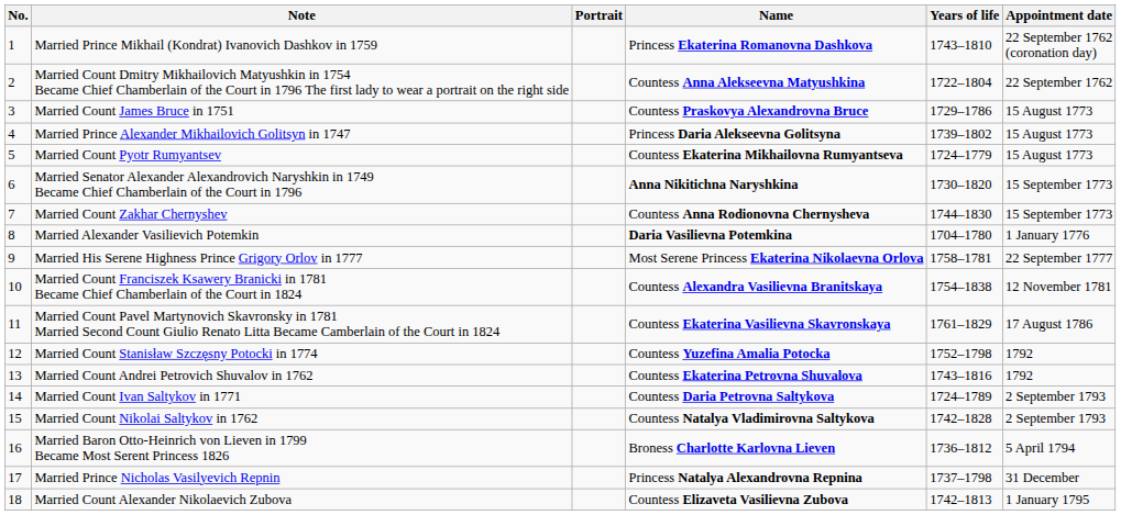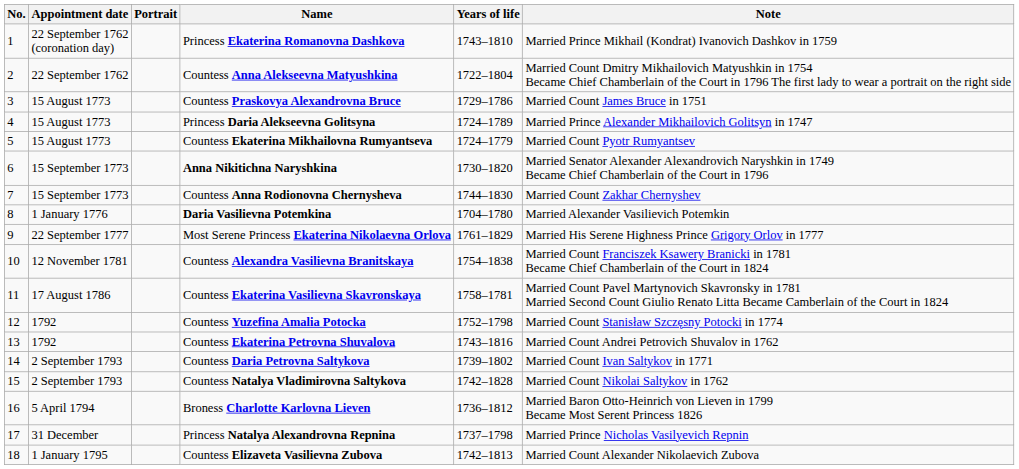 <table class="wikitable">
 <tr>
 <th>No.</th>
-<th>Note</th>
+<th>Appointment date</th>
 <th>Portrait</th>
 <th>Name</th>
 <th>Years of life</th>
-<th>Appointment date</th>
+<th>Note</th>
 </tr>
 <tr>
 <td>1</td>
-<td>Married Prince Mikhail (Kondrat) Ivanovich Dashkov in 1759</td>
+<td>22 September 1762<br>(coronation day)</td>
 <td></td>
 <td>Princess <strong><a href='#'>Ekaterina Romanovna Dashkova</a></strong></td>
 <td>1743–1810</td>
-<td>22 September 1762<br>(coronation day)</td>
+<td>Married Prince Mikhail (Kondrat) Ivanovich Dashkov in 1759</td>
 </tr>
 <tr>
 <td>2</td>
-<td>Married Count Dmitry Mikhailovich Matyushkin in 1754<br>Became Chief Chamberlain of the Court in 1796 The first lady to wear a portrait on the right side</td>
+<td>22 September 1762</td>
 <td></td>
 <td>Countess <strong><a href='#'>Anna Alekseevna Matyushkina</a></strong></td>
 <td>1722–1804</td>
-<td>22 September 1762</td>
+<td>Married Count Dmitry Mikhailovich Matyushkin in 1754<br>Became Chief Chamberlain of the Court in 1796 The first lady to wear a portrait on the right side</td>
 </tr>
 <tr>
 <td>3</td>
-<td>Married Count <a href='#'>James Bruce</a> in 1751</td>
+<td>15 August 1773</td>
 <td></td>
 <td>Countess <strong><a href='#'>Praskovya Alexandrovna Bruce</a></strong></td>
 <td>1729–1786</td>
-<td>15 August 1773</td>
+<td>Married Count <a href='#'>James Bruce</a> in 1751</td>
 </tr>
 <tr>
 <td>4</td>
-<td>Married Prince <a href='#'>Alexander Mikhailovich Golitsyn</a> in 1747</td>
+<td>15 August 1773</td>
 <td></td>
 <td>Princess <strong>Daria Alekseevna Golitsyna</strong></td>
-<td>1739–1802</td>
-<td>15 August 1773</td>
+<td>1724–1789</td>
+<td>Married Prince <a href='#'>Alexander Mikhailovich Golitsyn</a> in 1747</td>
 </tr>
 <tr>
 <td>5</td>
-<td>Married Count <a href='#'>Pyotr Rumyantsev</a></td>
+<td>15 August 1773</td>
 <td></td>
 <td>Countess <strong>Ekaterina Mikhailovna Rumyantseva</strong></td>
 <td>1724–1779</td>
-<td>15 August 1773</td>
+<td>Married Count <a href='#'>Pyotr Rumyantsev</a></td>
 </tr>
 <tr>
 <td>6</td>
-<td>Married Senator Alexander Alexandrovich Naryshkin in 1749<br>Became Chief Chamberlain of the Court in 1796</td>
+<td>15 September 1773</td>
 <td></td>
 <td><strong>Anna Nikitichna Naryshkina</strong></td>
 <td>1730–1820</td>
-<td>15 September 1773</td>
+<td>Married Senator Alexander Alexandrovich Naryshkin in 1749<br>Became Chief Chamberlain of the Court in 1796</td>
 </tr>
 <tr>
 <td>7</td>
-<td>Married Count <a href='#'>Zakhar Chernyshev</a></td>
+<td>15 September 1773</td>
 <td></td>
 <td>Countess <strong>Anna Rodionovna Chernysheva</strong></td>
 <td>1744–1830</td>
-<td>15 September 1773</td>
+<td>Married Count <a href='#'>Zakhar Chernyshev</a></td>
 </tr>
 <tr>
 <td>8</td>
-<td>Married Alexander Vasilievich Potemkin</td>
+<td>1 January 1776</td>
 <td></td>
 <td><strong>Daria Vasilievna Potemkina</strong></td>
 <td>1704–1780</td>
-<td>1 January 1776</td>
+<td>Married Alexander Vasilievich Potemkin</td>
 </tr>
 <tr>
 <td>9</td>
-<td>Married His Serene Highness Prince <a href='#'>Grigory Orlov</a> in 1777</td>
+<td>22 September 1777</td>
 <td></td>
 <td>Most Serene Princess <a href='#'><strong>Ekaterina Nikolaevna Orlova</strong></a></td>
-<td>1758–1781</td>
-<td>22 September 1777</td>
+<td>1761–1829</td>
+<td>Married His Serene Highness Prince <a href='#'>Grigory Orlov</a> in 1777</td>
 </tr>
 <tr>
 <td>10</td>
-<td>Married Count <a href='#'>Franciszek Ksawery Branicki</a> in 1781<br>Became Chief Chamberlain of the Court in 1824</td>
+<td>12 November 1781</td>
 <td></td>
 <td>Countess <strong><a href='#'>Alexandra Vasilievna Branitskaya</a></strong></td>
 <td>1754–1838</td>
-<td>12 November 1781</td>
+<td>Married Count <a href='#'>Franciszek Ksawery Branicki</a> in 1781<br>Became Chief Chamberlain of the Court in 1824</td>
 </tr>
 <tr>
 <td>11</td>
-<td>Married Count Pavel Martynovich Skavronsky in 1781<br>Married Second Count Giulio Renato Litta Became Camberlain of the Court in 1824</td>
+<td>17 August 1786</td>
 <td></td>
 <td>Countess <strong><a href='#'>Ekaterina Vasilievna Skavronskaya</a></strong></td>
-<td>1761–1829</td>
-<td>17 August 1786</td>
+<td>1758–1781</td>
+<td>Married Count Pavel Martynovich Skavronsky in 1781<br>Married Second Count Giulio Renato Litta Became Camberlain of the Court in 1824</td>
 </tr>
 <tr>
 <td>12</td>
-<td>Married Count <a href='#'>Stanisław Szczęsny Potocki</a> in 1774</td>
+<td>1792</td>
 <td></td>
 <td>Countess <strong><a href='#'>Yuzefina Amalia Potocka</a></strong></td>
 <td>1752–1798</td>
-<td>1792</td>
+<td>Married Count <a href='#'>Stanisław Szczęsny Potocki</a> in 1774</td>
 </tr>
 <tr>
 <td>13</td>
-<td>Married Count Andrei Petrovich Shuvalov in 1762</td>
+<td>1792</td>
 <td></td>
 <td>Countess <strong><a href='#'>Ekaterina Petrovna Shuvalova</a></strong></td>
 <td>1743–1816</td>
-<td>1792</td>
+<td>Married Count Andrei Petrovich Shuvalov in 1762</td>
 </tr>
 <tr>
 <td>14</td>
-<td>Married Count <a href='#'>Ivan Saltykov</a> in 1771</td>
+<td>2 September 1793</td>
 <td></td>
 <td>Countess <strong><a href='#'>Daria Petrovna Saltykova</a></strong></td>
-<td>1724–1789</td>
-<td>2 September 1793</td>
+<td>1739–1802</td>
+<td>Married Count <a href='#'>Ivan Saltykov</a> in 1771</td>
 </tr>
 <tr>
 <td>15</td>
-<td>Married Count <a href='#'>Nikolai Saltykov</a> in 1762</td>
+<td>2 September 1793</td>
 <td></td>
 <td>Countess <strong>Natalya Vladimirovna Saltykova</strong></td>
 <td>1742–1828</td>
-<td>2 September 1793</td>
+<td>Married Count <a href='#'>Nikolai Saltykov</a> in 1762</td>
 </tr>
 <tr>
 <td>16</td>
-<td>Married Baron Otto-Heinrich von Lieven in 1799<br>Became Most Serent Princess 1826</td>
+<td>5 April 1794</td>
 <td></td>
 <td>Broness <strong><a href='#'>Charlotte Karlovna Lieven</a></strong></td>
 <td>1736–1812</td>
-<td>5 April 1794</td>
+<td>Married Baron Otto-Heinrich von Lieven in 1799<br>Became Most Serent Princess 1826</td>
 </tr>
 <tr>
 <td>17</td>
-<td>Married Prince <a href='#'>Nicholas Vasilyevich Repnin</a></td>
+<td>31 December</td>
 <td></td>
 <td>Princess <strong>Natalya Alexandrovna Repnina</strong></td>
 <td>1737–1798</td>
-<td>31 December</td>
+<td>Married Prince <a href='#'>Nicholas Vasilyevich Repnin</a></td>
 </tr>
 <tr>
 <td>18</td>
-<td>Married Count Alexander Nikolaevich Zubova</td>
+<td>1 January 1795</td>
 <td></td>
 <td>Countess <strong>Elizaveta Vasilievna Zubova</strong></td>
 <td>1742–1813</td>
-<td>1 January 1795</td>
+<td>Married Count Alexander Nikolaevich Zubova</td>
 </tr>
 </table>
